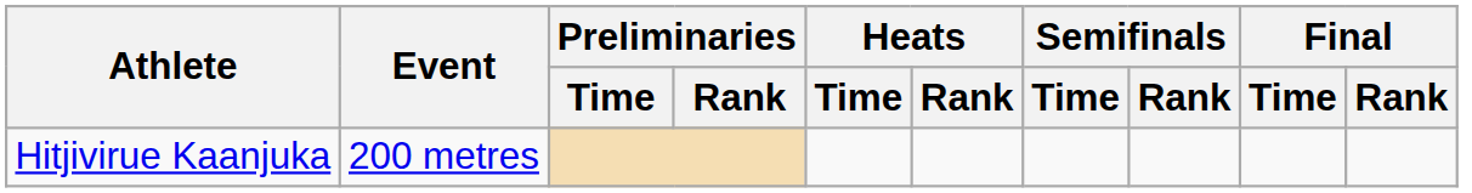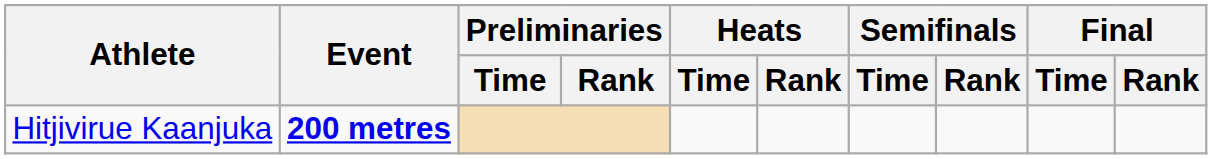 <table class=wikitable style="font-size:90%;">
 <tr>
 <th rowspan="2">Athlete</th>
 <th rowspan="2">Event</th>
 <th colspan="2">Preliminaries</th>
 <th colspan="2">Heats</th>
 <th colspan="2">Semifinals</th>
 <th colspan="2">Final</th>
 </tr>
 <tr>
 <th>Time</th>
 <th>Rank</th>
 <th>Time</th>
 <th>Rank</th>
 <th>Time</th>
 <th>Rank</th>
 <th>Time</th>
 <th>Rank</th>
 </tr>
 <tr style="border-top: single;">
 <td><a href='#'>Hitjivirue Kaanjuka</a></td>
-<td><a href='#'>200 metres</a></td>
+<td><strong><a href='#'>200 metres</a></strong></td>
 <td colspan= 2 bgcolor="wheat"></td>
 <td align=center></td>
 <td align=center></td>
 <td align=center></td>
 <td align=center></td>
 <td align=center></td>
 <td align=center></td>
 </tr>
 </table>
